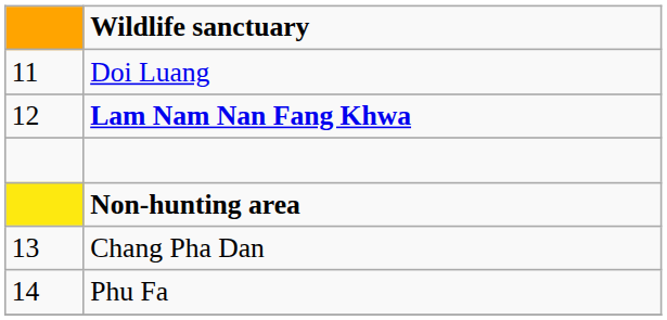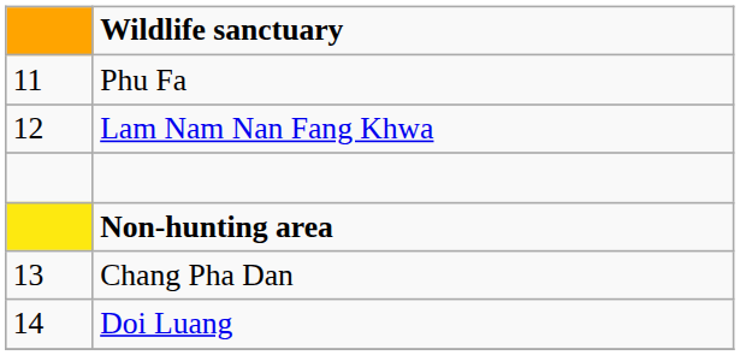 <table class= "wikitable" style= "width:30%; display:inline-table;">
 <tr>
 <td style="background:#FFA400;"> </td>
 <td><strong>Wildlife sanctuary</strong></td>
 </tr>
 <tr>
 <td>11</td>
-<td><a href='#'>Doi Luang</a></td>
+<td>Phu Fa</td>
 </tr>
 <tr>
 <td>12</td>
-<td><strong><a href='#'>Lam Nam Nan Fang Khwa</a></strong></td>
+<td><a href='#'>Lam Nam Nan Fang Khwa</a></td>
 </tr>
 <tr>
 <td>  </td>
 </tr>
 <tr>
 <td style="width:3%; background:#FDE910;"> </td>
 <td style="width:30%;"><strong>Non-hunting area</strong></td>
 </tr>
 <tr>
 <td>13</td>
 <td>Chang Pha Dan</td>
 </tr>
 <tr>
 <td>14</td>
-<td>Phu Fa</td>
+<td><a href='#'>Doi Luang</a></td>
 </tr>
 <tr>
 </tr>
 </table>
